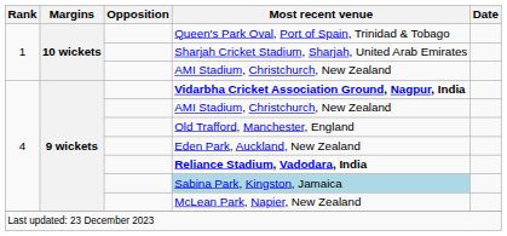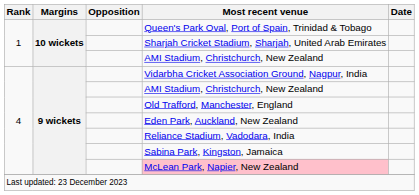 <table class="wikitable plainrowheaders sortable">
 <tr>
 <th scope=col>Rank</th>
 <th scope=col>Margins</th>
 <th scope=col>Opposition</th>
 <th scope=col>Most recent venue</th>
 <th scope=col>Date</th>
 </tr>
 <tr>
 <td align=center rowspan=3>1</td>
 <th scope=row style=text-align:center rowspan=3>10 wickets</th>
 <td></td>
 <td><a href='#'>Queen's Park Oval</a>, <a href='#'>Port of Spain</a>, Trinidad & Tobago</td>
 <td></td>
 </tr>
 <tr>
 <td></td>
 <td><a href='#'>Sharjah Cricket Stadium</a>, <a href='#'>Sharjah</a>, United Arab Emirates</td>
 <td></td>
 </tr>
 <tr>
 <td></td>
 <td><a href='#'>AMI Stadium</a>, <a href='#'>Christchurch</a>, New Zealand</td>
 <td></td>
 </tr>
 <tr>
 <td rowspan="7" align="center">4</td>
 <th rowspan="7" scope="row" style="text-align:center">9 wickets</th>
 <td></td>
-<td><strong><a href='#'>Vidarbha Cricket Association Ground</a>, <a href='#'>Nagpur</a>, India</strong></td>
+<td><a href='#'>Vidarbha Cricket Association Ground</a>, <a href='#'>Nagpur</a>, India</td>
 <td> </td>
 </tr>
 <tr>
 <td></td>
 <td><a href='#'>AMI Stadium</a>, <a href='#'>Christchurch</a>, New Zealand</td>
 <td></td>
 </tr>
 <tr>
 <td></td>
 <td><a href='#'>Old Trafford</a>, <a href='#'>Manchester</a>, England</td>
 <td> </td>
 </tr>
 <tr>
 <td></td>
 <td><a href='#'>Eden Park</a>, <a href='#'>Auckland</a>, New Zealand</td>
 <td></td>
 </tr>
 <tr>
 <td></td>
-<td><strong><a href='#'>Reliance Stadium</a>, <a href='#'>Vadodara</a>, India</strong></td>
+<td><a href='#'>Reliance Stadium</a>, <a href='#'>Vadodara</a>, India</td>
 <td></td>
 </tr>
 <tr>
 <td></td>
-<td style="background: lightblue;"><a href='#'>Sabina Park</a>, <a href='#'>Kingston</a>, Jamaica</td>
+<td><a href='#'>Sabina Park</a>, <a href='#'>Kingston</a>, Jamaica</td>
 <td></td>
 </tr>
 <tr>
 <td></td>
-<td><a href='#'>McLean Park</a>, <a href='#'>Napier</a>, New Zealand</td>
+<td style="background: pink;"><a href='#'>McLean Park</a>, <a href='#'>Napier</a>, New Zealand</td>
 <td></td>
 </tr>
 <tr>
 </tr>
 <tr class=sortbottom>
 <td colspan=5><small>Last updated: 23 December 2023</small></td>
 </tr>
 </table>
